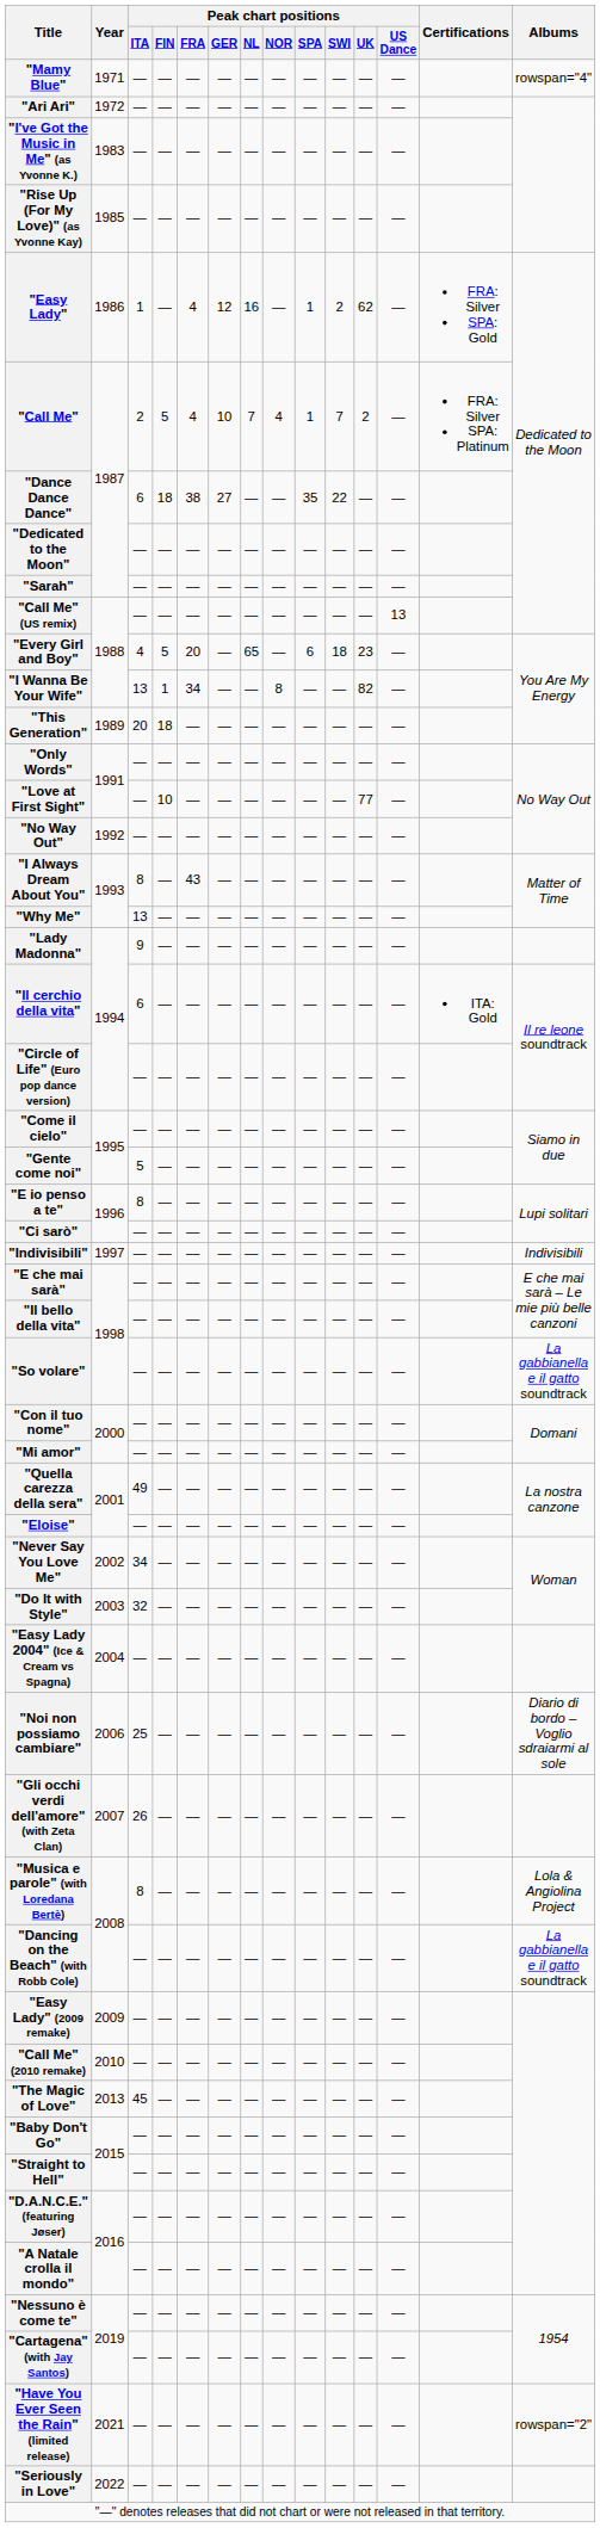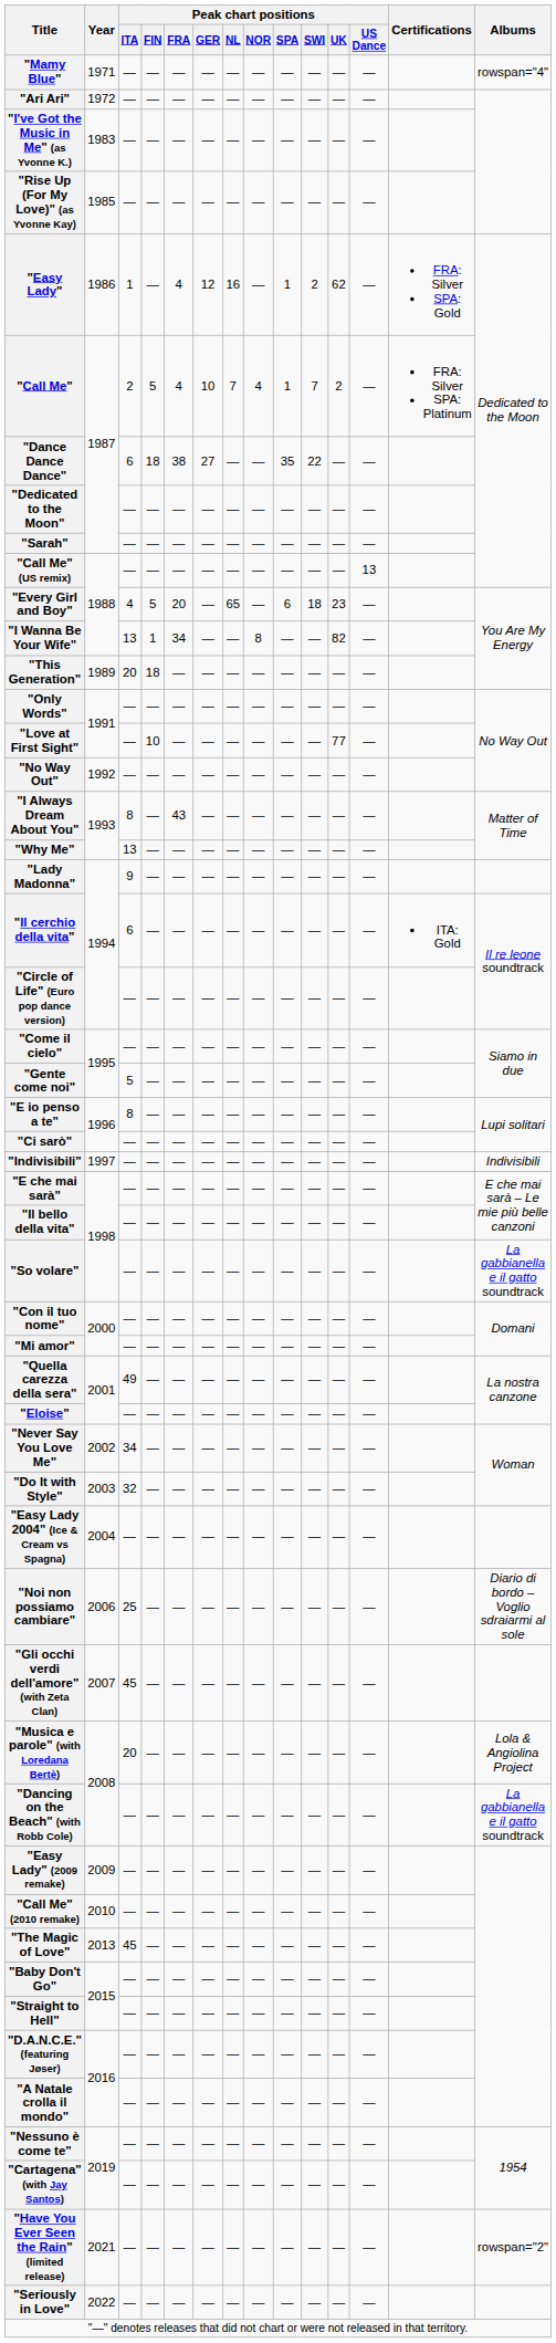 <table class="wikitable plainrowheaders" style="text-align:center;">
 <tr>
 <th rowspan="2" scope="col" style="width:17em;">Title</th>
 <th rowspan="2" scope="col" style="width:2em;">Year</th>
 <th colspan="10">Peak chart positions</th>
 <th rowspan="2">Certifications</th>
 <th rowspan="2" style="width:15em;">Albums</th>
 </tr>
 <tr>
 <th scope="col" style="width:2em;font-size:90%;"><a href='#'>ITA</a><br></th>
 <th scope="col" style="width:2em;font-size:90%;"><a href='#'>FIN</a><br></th>
 <th scope="col" style="width:2em;font-size:90%;"><a href='#'>FRA</a><br></th>
 <th scope="col" style="width:2em;font-size:90%;"><a href='#'>GER</a><br></th>
 <th scope="col" style="width:2em;font-size:90%;"><a href='#'>NL</a><br></th>
 <th scope="col" style="width:2em;font-size:90%;"><a href='#'>NOR</a><br></th>
 <th scope="col" style="width:2em;font-size:90%;"><a href='#'>SPA</a><br></th>
 <th scope="col" style="width:2em;font-size:90%;"><a href='#'>SWI</a><br></th>
 <th scope="col" style="width:2em;font-size:90%;"><a href='#'>UK</a><br></th>
 <th scope="col" style="width:2em;font-size:90%;"><a href='#'>US Dance</a><br></th>
 </tr>
 <tr>
 <th scope="row">"<a href='#'>Mamy Blue</a>"</th>
 <td>1971</td>
 <td>—</td>
 <td>—</td>
 <td>—</td>
 <td>—</td>
 <td>—</td>
 <td>—</td>
 <td>—</td>
 <td>—</td>
 <td>—</td>
 <td>—</td>
 <td></td>
 <td>rowspan="4" </td>
 </tr>
 <tr>
 <th scope="row">"Ari Ari"</th>
 <td>1972</td>
 <td>—</td>
 <td>—</td>
 <td>—</td>
 <td>—</td>
 <td>—</td>
 <td>—</td>
 <td>—</td>
 <td>—</td>
 <td>—</td>
 <td>—</td>
 <td></td>
 </tr>
 <tr>
 <th scope="row">"<a href='#'>I've Got the Music in Me</a>" <small>(as Yvonne K.)</small></th>
 <td>1983</td>
 <td>—</td>
 <td>—</td>
 <td>—</td>
 <td>—</td>
 <td>—</td>
 <td>—</td>
 <td>—</td>
 <td>—</td>
 <td>—</td>
 <td>—</td>
 <td></td>
 </tr>
 <tr>
 <th scope="row">"Rise Up (For My Love)" <small>(as Yvonne Kay)</small></th>
 <td>1985</td>
 <td>—</td>
 <td>—</td>
 <td>—</td>
 <td>—</td>
 <td>—</td>
 <td>—</td>
 <td>—</td>
 <td>—</td>
 <td>—</td>
 <td>—</td>
 <td></td>
 </tr>
 <tr>
 <th scope="row">"<a href='#'>Easy Lady</a>"</th>
 <td>1986</td>
 <td>1</td>
 <td>—</td>
 <td>4</td>
 <td>12</td>
 <td>16</td>
 <td>—</td>
 <td>1</td>
 <td>2</td>
 <td>62</td>
 <td>—</td>
 <td><br><ul><li><a href='#'>FRA</a>: Silver</li><li><a href='#'>SPA</a>: Gold</li></ul></td>
 <td rowspan="6"><em>Dedicated to the Moon</em></td>
 </tr>
 <tr>
 <th scope="row">"<a href='#'>Call Me</a>"</th>
 <td rowspan="4">1987</td>
 <td>2</td>
 <td>5</td>
 <td>4</td>
 <td>10</td>
 <td>7</td>
 <td>4</td>
 <td>1</td>
 <td>7</td>
 <td>2</td>
 <td>—</td>
 <td><br><ul><li>FRA: Silver</li><li>SPA: Platinum</li></ul></td>
 </tr>
 <tr>
 <th scope="row">"Dance Dance Dance"</th>
 <td>6</td>
 <td>18</td>
 <td>38</td>
 <td>27</td>
 <td>—</td>
 <td>—</td>
 <td>35</td>
 <td>22</td>
 <td>—</td>
 <td>—</td>
 <td></td>
 </tr>
 <tr>
 <th scope="row">"Dedicated to the Moon"</th>
 <td>—</td>
 <td>—</td>
 <td>—</td>
 <td>—</td>
 <td>—</td>
 <td>—</td>
 <td>—</td>
 <td>—</td>
 <td>—</td>
 <td>—</td>
 <td></td>
 </tr>
 <tr>
 <th scope="row">"Sarah"</th>
 <td>—</td>
 <td>—</td>
 <td>—</td>
 <td>—</td>
 <td>—</td>
 <td>—</td>
 <td>—</td>
 <td>—</td>
 <td>—</td>
 <td>—</td>
 <td></td>
 </tr>
 <tr>
 <th scope="row">"Call Me" <small>(US remix)</small></th>
 <td rowspan="3">1988</td>
 <td>—</td>
 <td>—</td>
 <td>—</td>
 <td>—</td>
 <td>—</td>
 <td>—</td>
 <td>—</td>
 <td>—</td>
 <td>—</td>
 <td>13</td>
 <td></td>
 </tr>
 <tr>
 <th scope="row">"Every Girl and Boy"</th>
 <td>4</td>
 <td>5</td>
 <td>20</td>
 <td>—</td>
 <td>65</td>
 <td>—</td>
 <td>6</td>
 <td>18</td>
 <td>23</td>
 <td>—</td>
 <td></td>
 <td rowspan="3"><em>You Are My Energy</em></td>
 </tr>
 <tr>
 <th scope="row">"I Wanna Be Your Wife"</th>
 <td>13</td>
 <td>1</td>
 <td>34</td>
 <td>—</td>
 <td>—</td>
 <td>8</td>
 <td>—</td>
 <td>—</td>
 <td>82</td>
 <td>—</td>
 <td></td>
 </tr>
 <tr>
 <th scope="row">"This Generation"</th>
 <td>1989</td>
 <td>20</td>
 <td>18</td>
 <td>—</td>
 <td>—</td>
 <td>—</td>
 <td>—</td>
 <td>—</td>
 <td>—</td>
 <td>—</td>
 <td>—</td>
 <td></td>
 </tr>
 <tr>
 <th scope="row">"Only Words"</th>
 <td rowspan="2">1991</td>
 <td>—</td>
 <td>—</td>
 <td>—</td>
 <td>—</td>
 <td>—</td>
 <td>—</td>
 <td>—</td>
 <td>—</td>
 <td>—</td>
 <td>—</td>
 <td></td>
 <td rowspan="3"><em>No Way Out</em></td>
 </tr>
 <tr>
 <th scope="row">"Love at First Sight"</th>
 <td>—</td>
 <td>10</td>
 <td>—</td>
 <td>—</td>
 <td>—</td>
 <td>—</td>
 <td>—</td>
 <td>—</td>
 <td>77</td>
 <td>—</td>
 <td></td>
 </tr>
 <tr>
 <th scope="row">"No Way Out"</th>
 <td>1992</td>
 <td>—</td>
 <td>—</td>
 <td>—</td>
 <td>—</td>
 <td>—</td>
 <td>—</td>
 <td>—</td>
 <td>—</td>
 <td>—</td>
 <td>—</td>
 <td></td>
 </tr>
 <tr>
 <th scope="row">"I Always Dream About You"</th>
 <td rowspan="2">1993</td>
 <td>8</td>
 <td>—</td>
 <td>43</td>
 <td>—</td>
 <td>—</td>
 <td>—</td>
 <td>—</td>
 <td>—</td>
 <td>—</td>
 <td>—</td>
 <td></td>
 <td rowspan="2"><em>Matter of Time</em></td>
 </tr>
 <tr>
 <th scope="row">"Why Me"</th>
 <td>13</td>
 <td>—</td>
 <td>—</td>
 <td>—</td>
 <td>—</td>
 <td>—</td>
 <td>—</td>
 <td>—</td>
 <td>—</td>
 <td>—</td>
 <td></td>
 </tr>
 <tr>
 <th scope="row">"Lady Madonna"</th>
 <td rowspan="3">1994</td>
 <td>9</td>
 <td>—</td>
 <td>—</td>
 <td>—</td>
 <td>—</td>
 <td>—</td>
 <td>—</td>
 <td>—</td>
 <td>—</td>
 <td>—</td>
 <td></td>
 <td></td>
 </tr>
 <tr>
 <th scope="row">"<a href='#'>Il cerchio della vita</a>"</th>
 <td>6</td>
 <td>—</td>
 <td>—</td>
 <td>—</td>
 <td>—</td>
 <td>—</td>
 <td>—</td>
 <td>—</td>
 <td>—</td>
 <td>—</td>
 <td><br><ul><li>ITA: Gold</li></ul></td>
 <td rowspan="2"><em><a href='#'>Il re leone</a></em> soundtrack</td>
 </tr>
 <tr>
 <th scope="row">"Circle of Life" <small>(Euro pop dance version)</small></th>
 <td>—</td>
 <td>—</td>
 <td>—</td>
 <td>—</td>
 <td>—</td>
 <td>—</td>
 <td>—</td>
 <td>—</td>
 <td>—</td>
 <td>—</td>
 <td></td>
 </tr>
 <tr>
 <th scope="row">"Come il cielo"</th>
 <td rowspan="2">1995</td>
 <td>—</td>
 <td>—</td>
 <td>—</td>
 <td>—</td>
 <td>—</td>
 <td>—</td>
 <td>—</td>
 <td>—</td>
 <td>—</td>
 <td>—</td>
 <td></td>
 <td rowspan="2"><em>Siamo in due</em></td>
 </tr>
 <tr>
 <th scope="row">"Gente come noi"</th>
 <td>5</td>
 <td>—</td>
 <td>—</td>
 <td>—</td>
 <td>—</td>
 <td>—</td>
 <td>—</td>
 <td>—</td>
 <td>—</td>
 <td>—</td>
 <td></td>
 </tr>
 <tr>
 <th scope="row">"E io penso a te"</th>
 <td rowspan="2">1996</td>
 <td>8</td>
 <td>—</td>
 <td>—</td>
 <td>—</td>
 <td>—</td>
 <td>—</td>
 <td>—</td>
 <td>—</td>
 <td>—</td>
 <td>—</td>
 <td></td>
 <td rowspan="2"><em>Lupi solitari</em></td>
 </tr>
 <tr>
 <th scope="row">"Ci sarò"</th>
 <td>—</td>
 <td>—</td>
 <td>—</td>
 <td>—</td>
 <td>—</td>
 <td>—</td>
 <td>—</td>
 <td>—</td>
 <td>—</td>
 <td>—</td>
 <td></td>
 </tr>
 <tr>
 <th scope="row">"Indivisibili"</th>
 <td>1997</td>
 <td>—</td>
 <td>—</td>
 <td>—</td>
 <td>—</td>
 <td>—</td>
 <td>—</td>
 <td>—</td>
 <td>—</td>
 <td>—</td>
 <td>—</td>
 <td></td>
 <td><em>Indivisibili</em></td>
 </tr>
 <tr>
 <th scope="row">"E che mai sarà"</th>
 <td rowspan="3">1998</td>
 <td>—</td>
 <td>—</td>
 <td>—</td>
 <td>—</td>
 <td>—</td>
 <td>—</td>
 <td>—</td>
 <td>—</td>
 <td>—</td>
 <td>—</td>
 <td></td>
 <td rowspan="2"><em>E che mai sarà – Le mie più belle canzoni</em></td>
 </tr>
 <tr>
 <th scope="row">"Il bello della vita"</th>
 <td>—</td>
 <td>—</td>
 <td>—</td>
 <td>—</td>
 <td>—</td>
 <td>—</td>
 <td>—</td>
 <td>—</td>
 <td>—</td>
 <td>—</td>
 <td></td>
 </tr>
 <tr>
 <th scope="row">"So volare"</th>
 <td>—</td>
 <td>—</td>
 <td>—</td>
 <td>—</td>
 <td>—</td>
 <td>—</td>
 <td>—</td>
 <td>—</td>
 <td>—</td>
 <td>—</td>
 <td></td>
 <td><em><a href='#'>La gabbianella e il gatto</a></em> soundtrack</td>
 </tr>
 <tr>
 <th scope="row">"Con il tuo nome"</th>
 <td rowspan="2">2000</td>
 <td>—</td>
 <td>—</td>
 <td>—</td>
 <td>—</td>
 <td>—</td>
 <td>—</td>
 <td>—</td>
 <td>—</td>
 <td>—</td>
 <td>—</td>
 <td></td>
 <td rowspan="2"><em>Domani</em></td>
 </tr>
 <tr>
 <th scope="row">"Mi amor"</th>
 <td>—</td>
 <td>—</td>
 <td>—</td>
 <td>—</td>
 <td>—</td>
 <td>—</td>
 <td>—</td>
 <td>—</td>
 <td>—</td>
 <td>—</td>
 <td></td>
 </tr>
 <tr>
 <th scope="row">"Quella carezza della sera"</th>
 <td rowspan="2">2001</td>
 <td>49</td>
 <td>—</td>
 <td>—</td>
 <td>—</td>
 <td>—</td>
 <td>—</td>
 <td>—</td>
 <td>—</td>
 <td>—</td>
 <td>—</td>
 <td></td>
 <td rowspan="2"><em>La nostra canzone</em></td>
 </tr>
 <tr>
 <th scope="row">"<a href='#'>Eloise</a>"</th>
 <td>—</td>
 <td>—</td>
 <td>—</td>
 <td>—</td>
 <td>—</td>
 <td>—</td>
 <td>—</td>
 <td>—</td>
 <td>—</td>
 <td>—</td>
 <td></td>
 </tr>
 <tr>
 <th scope="row">"Never Say You Love Me"</th>
 <td>2002</td>
 <td>34</td>
 <td>—</td>
 <td>—</td>
 <td>—</td>
 <td>—</td>
 <td>—</td>
 <td>—</td>
 <td>—</td>
 <td>—</td>
 <td>—</td>
 <td></td>
 <td rowspan="2"><em>Woman</em></td>
 </tr>
 <tr>
 <th scope="row">"Do It with Style"</th>
 <td>2003</td>
 <td>32</td>
 <td>—</td>
 <td>—</td>
 <td>—</td>
 <td>—</td>
 <td>—</td>
 <td>—</td>
 <td>—</td>
 <td>—</td>
 <td>—</td>
 <td></td>
 </tr>
 <tr>
 <th scope="row">"Easy Lady 2004" <small>(Ice & Cream vs Spagna)</small></th>
 <td>2004</td>
 <td>—</td>
 <td>—</td>
 <td>—</td>
 <td>—</td>
 <td>—</td>
 <td>—</td>
 <td>—</td>
 <td>—</td>
 <td>—</td>
 <td>—</td>
 <td></td>
 <td></td>
 </tr>
 <tr>
 <th scope="row">"Noi non possiamo cambiare"</th>
 <td>2006</td>
 <td>25</td>
 <td>—</td>
 <td>—</td>
 <td>—</td>
 <td>—</td>
 <td>—</td>
 <td>—</td>
 <td>—</td>
 <td>—</td>
 <td>—</td>
 <td></td>
 <td><em>Diario di bordo – Voglio sdraiarmi al sole</em></td>
 </tr>
 <tr>
 <th scope="row">"Gli occhi verdi dell'amore" <small>(with Zeta Clan)</small></th>
 <td>2007</td>
-<td>26</td>
+<td>45</td>
 <td>—</td>
 <td>—</td>
 <td>—</td>
 <td>—</td>
 <td>—</td>
 <td>—</td>
 <td>—</td>
 <td>—</td>
 <td>—</td>
 <td></td>
 <td></td>
 </tr>
 <tr>
 <th scope="row">"Musica e parole" <small>(with <a href='#'>Loredana Bertè</a>)</small></th>
 <td rowspan="2">2008</td>
-<td>8</td>
+<td>20</td>
 <td>—</td>
 <td>—</td>
 <td>—</td>
 <td>—</td>
 <td>—</td>
 <td>—</td>
 <td>—</td>
 <td>—</td>
 <td>—</td>
 <td></td>
 <td><em>Lola & Angiolina Project</em></td>
 </tr>
 <tr>
 <th scope="row">"Dancing on the Beach" <small>(with Robb Cole)</small></th>
 <td>—</td>
 <td>—</td>
 <td>—</td>
 <td>—</td>
 <td>—</td>
 <td>—</td>
 <td>—</td>
 <td>—</td>
 <td>—</td>
 <td>—</td>
 <td></td>
 <td><em><a href='#'>La gabbianella e il gatto</a></em> soundtrack</td>
 </tr>
 <tr>
 <th scope="row">"Easy Lady" <small>(2009 remake)</small></th>
 <td>2009</td>
 <td>—</td>
 <td>—</td>
 <td>—</td>
 <td>—</td>
 <td>—</td>
 <td>—</td>
 <td>—</td>
 <td>—</td>
 <td>—</td>
 <td>—</td>
 <td></td>
 </tr>
 <tr>
 <th scope="row">"Call Me" <small>(2010 remake)</small></th>
 <td>2010</td>
 <td>—</td>
 <td>—</td>
 <td>—</td>
 <td>—</td>
 <td>—</td>
 <td>—</td>
 <td>—</td>
 <td>—</td>
 <td>—</td>
 <td>—</td>
 <td></td>
 </tr>
 <tr>
 <th scope="row">"The Magic of Love"</th>
 <td>2013</td>
 <td>45</td>
 <td>—</td>
 <td>—</td>
 <td>—</td>
 <td>—</td>
 <td>—</td>
 <td>—</td>
 <td>—</td>
 <td>—</td>
 <td>—</td>
 <td></td>
 </tr>
 <tr>
 <th scope="row">"Baby Don't Go"</th>
 <td rowspan="2">2015</td>
 <td>—</td>
 <td>—</td>
 <td>—</td>
 <td>—</td>
 <td>—</td>
 <td>—</td>
 <td>—</td>
 <td>—</td>
 <td>—</td>
 <td>—</td>
 <td></td>
 </tr>
 <tr>
 <th scope="row">"Straight to Hell"</th>
 <td>—</td>
 <td>—</td>
 <td>—</td>
 <td>—</td>
 <td>—</td>
 <td>—</td>
 <td>—</td>
 <td>—</td>
 <td>—</td>
 <td>—</td>
 <td></td>
 </tr>
 <tr>
 <th scope="row">"D.A.N.C.E." <small>(featuring Jøser)</small></th>
 <td rowspan="2">2016</td>
 <td>—</td>
 <td>—</td>
 <td>—</td>
 <td>—</td>
 <td>—</td>
 <td>—</td>
 <td>—</td>
 <td>—</td>
 <td>—</td>
 <td>—</td>
 <td></td>
 </tr>
 <tr>
 <th scope="row">"A Natale crolla il mondo"</th>
 <td>—</td>
 <td>—</td>
 <td>—</td>
 <td>—</td>
 <td>—</td>
 <td>—</td>
 <td>—</td>
 <td>—</td>
 <td>—</td>
 <td>—</td>
 <td></td>
 </tr>
 <tr>
 <th scope="row">"Nessuno è come te"</th>
 <td rowspan="2">2019</td>
 <td>—</td>
 <td>—</td>
 <td>—</td>
 <td>—</td>
 <td>—</td>
 <td>—</td>
 <td>—</td>
 <td>—</td>
 <td>—</td>
 <td>—</td>
 <td></td>
 <td rowspan="2"><em>1954</em></td>
 </tr>
 <tr>
 <th scope="row">"Cartagena" <small>(with <a href='#'>Jay Santos</a>)</small></th>
 <td>—</td>
 <td>—</td>
 <td>—</td>
 <td>—</td>
 <td>—</td>
 <td>—</td>
 <td>—</td>
 <td>—</td>
 <td>—</td>
 <td>—</td>
 <td></td>
 </tr>
 <tr>
 <th scope="row">"<a href='#'>Have You Ever Seen the Rain</a>" <small>(limited release)</small></th>
 <td>2021</td>
 <td>—</td>
 <td>—</td>
 <td>—</td>
 <td>—</td>
 <td>—</td>
 <td>—</td>
 <td>—</td>
 <td>—</td>
 <td>—</td>
 <td>—</td>
 <td></td>
 <td>rowspan="2" </td>
 </tr>
 <tr>
 <th scope="row">"Seriously in Love"</th>
 <td>2022</td>
 <td>—</td>
 <td>—</td>
 <td>—</td>
 <td>—</td>
 <td>—</td>
 <td>—</td>
 <td>—</td>
 <td>—</td>
 <td>—</td>
 <td>—</td>
 <td></td>
 </tr>
 <tr>
 <td colspan="14" style="font-size:90%">"—" denotes releases that did not chart or were not released in that territory.</td>
 </tr>
 </table>
